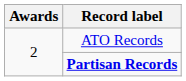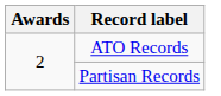 <table class="wikitable" rowspan="2" style="text-align:center;">
 <tr>
 <th scope="col" style="width:55px;">Awards</th>
 <th scope="col" style="text-align:center;">Record label</th>
 </tr>
 <tr>
 <td rowspan="2">2</td>
 <td><a href='#'>ATO Records</a></td>
 </tr>
 <tr>
-<td><strong><a href='#'>Partisan Records</a></strong></td>
+<td><a href='#'>Partisan Records</a></td>
 </tr>
 </table>
